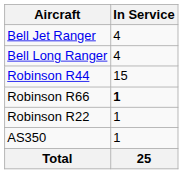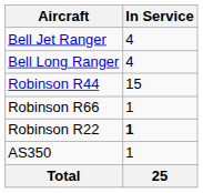 <table class="wikitable" style="border-collapse:collapse;margin:1em auto;">
 <tr>
 <th>Aircraft</th>
 <th>In Service</th>
 </tr>
 <tr>
 <td><a href='#'>Bell Jet Ranger</a></td>
 <td>4</td>
 </tr>
 <tr>
 <td><a href='#'>Bell Long Ranger</a></td>
 <td>4</td>
 </tr>
 <tr>
 <td><a href='#'>Robinson R44</a></td>
 <td>15</td>
 </tr>
 <tr>
 <td>Robinson R66</td>
-<td><strong>1</strong></td>
+<td>1</td>
 </tr>
 <tr>
 <td>Robinson R22</td>
-<td>1</td>
+<td><strong>1</strong></td>
 </tr>
 <tr>
 <td>AS350</td>
 <td>1</td>
 </tr>
 <tr>
 <th>Total</th>
 <th>25</th>
 </tr>
 </table>
